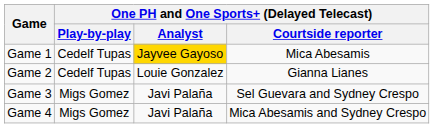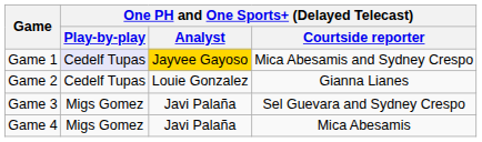 <table class="wikitable" style="text-align:center">
 <tr>
 <th rowspan=2>Game</th>
 <th colspan=3><a href='#'>One PH</a> and <a href='#'>One Sports+</a> (Delayed Telecast)</th>
 </tr>
 <tr>
 <th><a href='#'>Play-by-play</a></th>
 <th><a href='#'>Analyst</a></th>
 <th><a href='#'>Courtside reporter</a></th>
 </tr>
 <tr>
 <td>Game 1</td>
-<td>Cedelf Tupas</td>
+<td style="background: lavender;">Cedelf Tupas</td>
 <td style="background: gold;">Jayvee Gayoso</td>
-<td>Mica Abesamis</td>
+<td>Mica Abesamis and Sydney Crespo</td>
 </tr>
 <tr>
 <td>Game 2</td>
 <td>Cedelf Tupas</td>
 <td>Louie Gonzalez</td>
 <td>Gianna Lianes</td>
 </tr>
 <tr>
 <td>Game 3</td>
 <td>Migs Gomez</td>
 <td>Javi Palaña</td>
 <td>Sel Guevara and Sydney Crespo</td>
 </tr>
 <tr>
 <td>Game 4</td>
 <td>Migs Gomez</td>
 <td>Javi Palaña</td>
-<td>Mica Abesamis and Sydney Crespo</td>
+<td>Mica Abesamis</td>
 </tr>
 </table>
